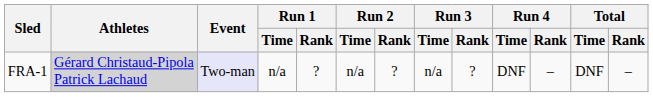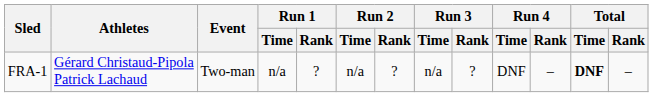 <table class="wikitable" border="1" style="font-size:90%">
 <tr>
 <th rowspan="2">Sled</th>
 <th rowspan="2">Athletes</th>
 <th rowspan="2">Event</th>
 <th colspan="2">Run 1</th>
 <th colspan="2">Run 2</th>
 <th colspan="2">Run 3</th>
 <th colspan="2">Run 4</th>
 <th colspan="2">Total</th>
 </tr>
 <tr>
 <th>Time</th>
 <th>Rank</th>
 <th>Time</th>
 <th>Rank</th>
 <th>Time</th>
 <th>Rank</th>
 <th>Time</th>
 <th>Rank</th>
 <th>Time</th>
 <th>Rank</th>
 </tr>
 <tr>
 <td align="center">FRA-1</td>
-<td style="background: lightgrey;"><a href='#'>Gérard Christaud-Pipola</a><br><a href='#'>Patrick Lachaud</a></td>
-<td style="background: lavender;">Two-man</td>
+<td><a href='#'>Gérard Christaud-Pipola</a><br><a href='#'>Patrick Lachaud</a></td>
+<td>Two-man</td>
 <td align="center">n/a</td>
 <td align="center">?</td>
 <td align="center">n/a</td>
 <td align="center">?</td>
 <td align="center">n/a</td>
 <td align="center">?</td>
 <td align="center">DNF</td>
 <td align="center">–</td>
-<td align="center">DNF</td>
+<td align="center"><strong>DNF</strong></td>
 <td align="center">–</td>
 </tr>
 </table>
